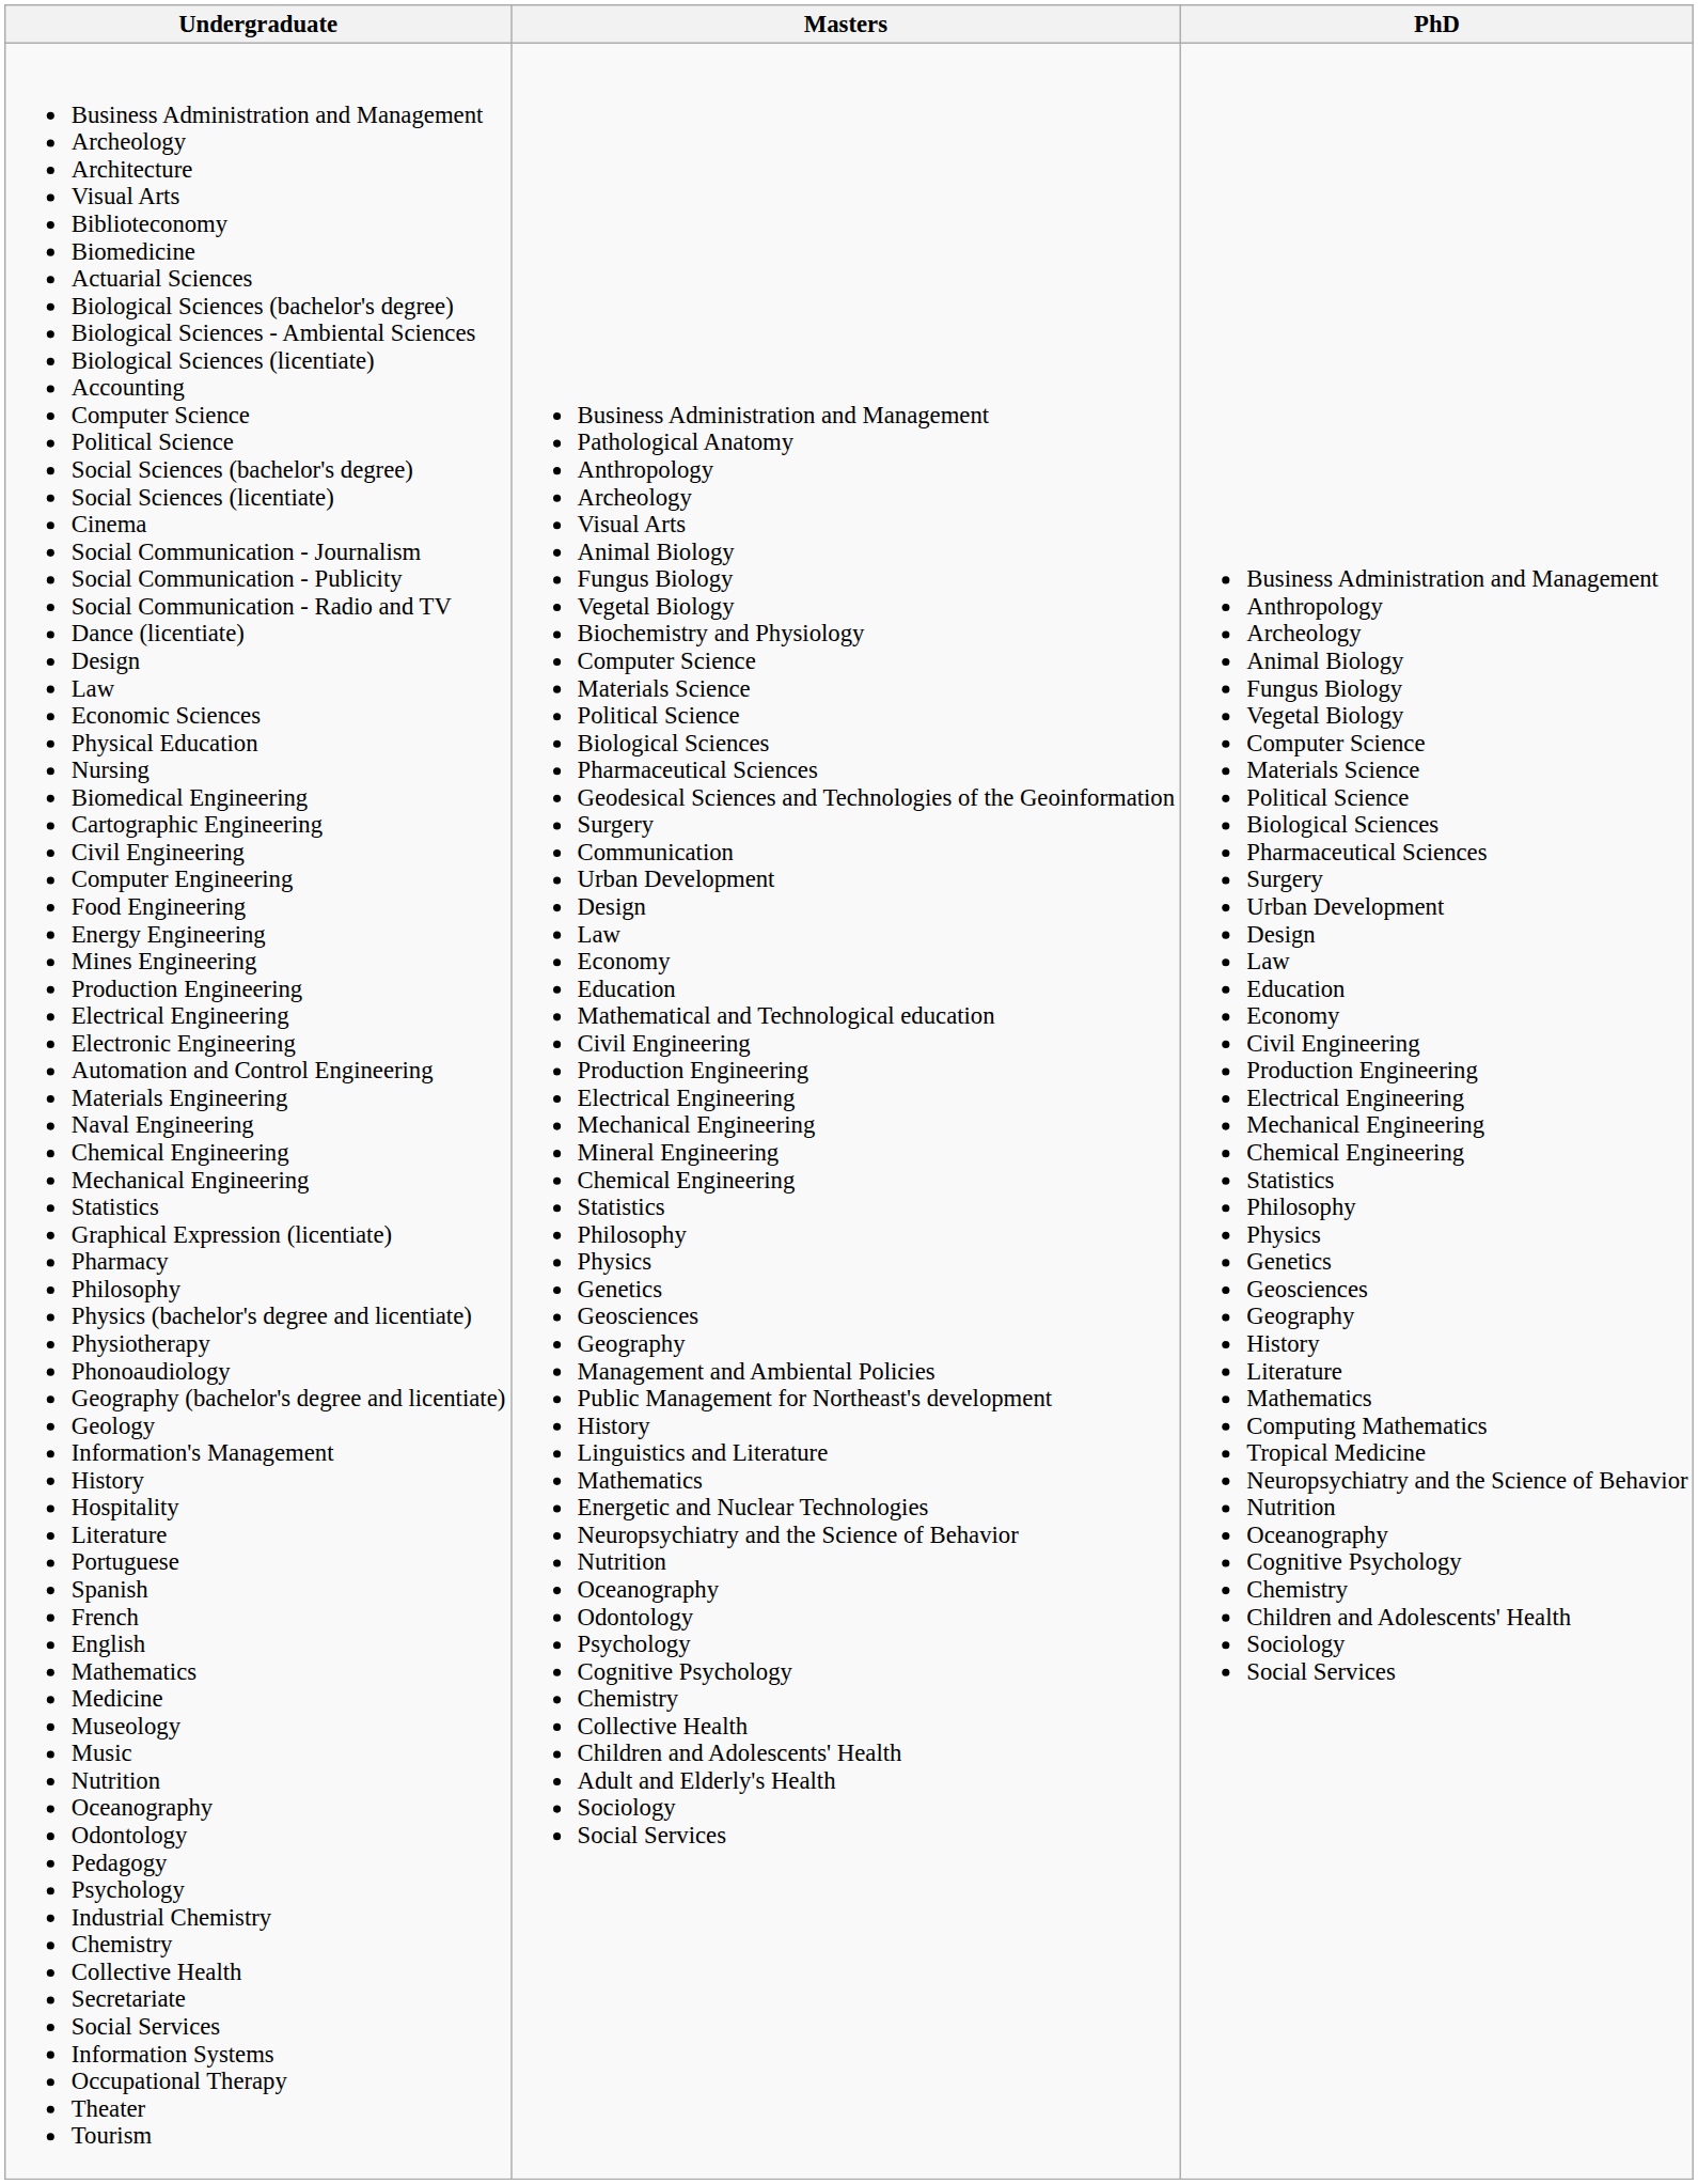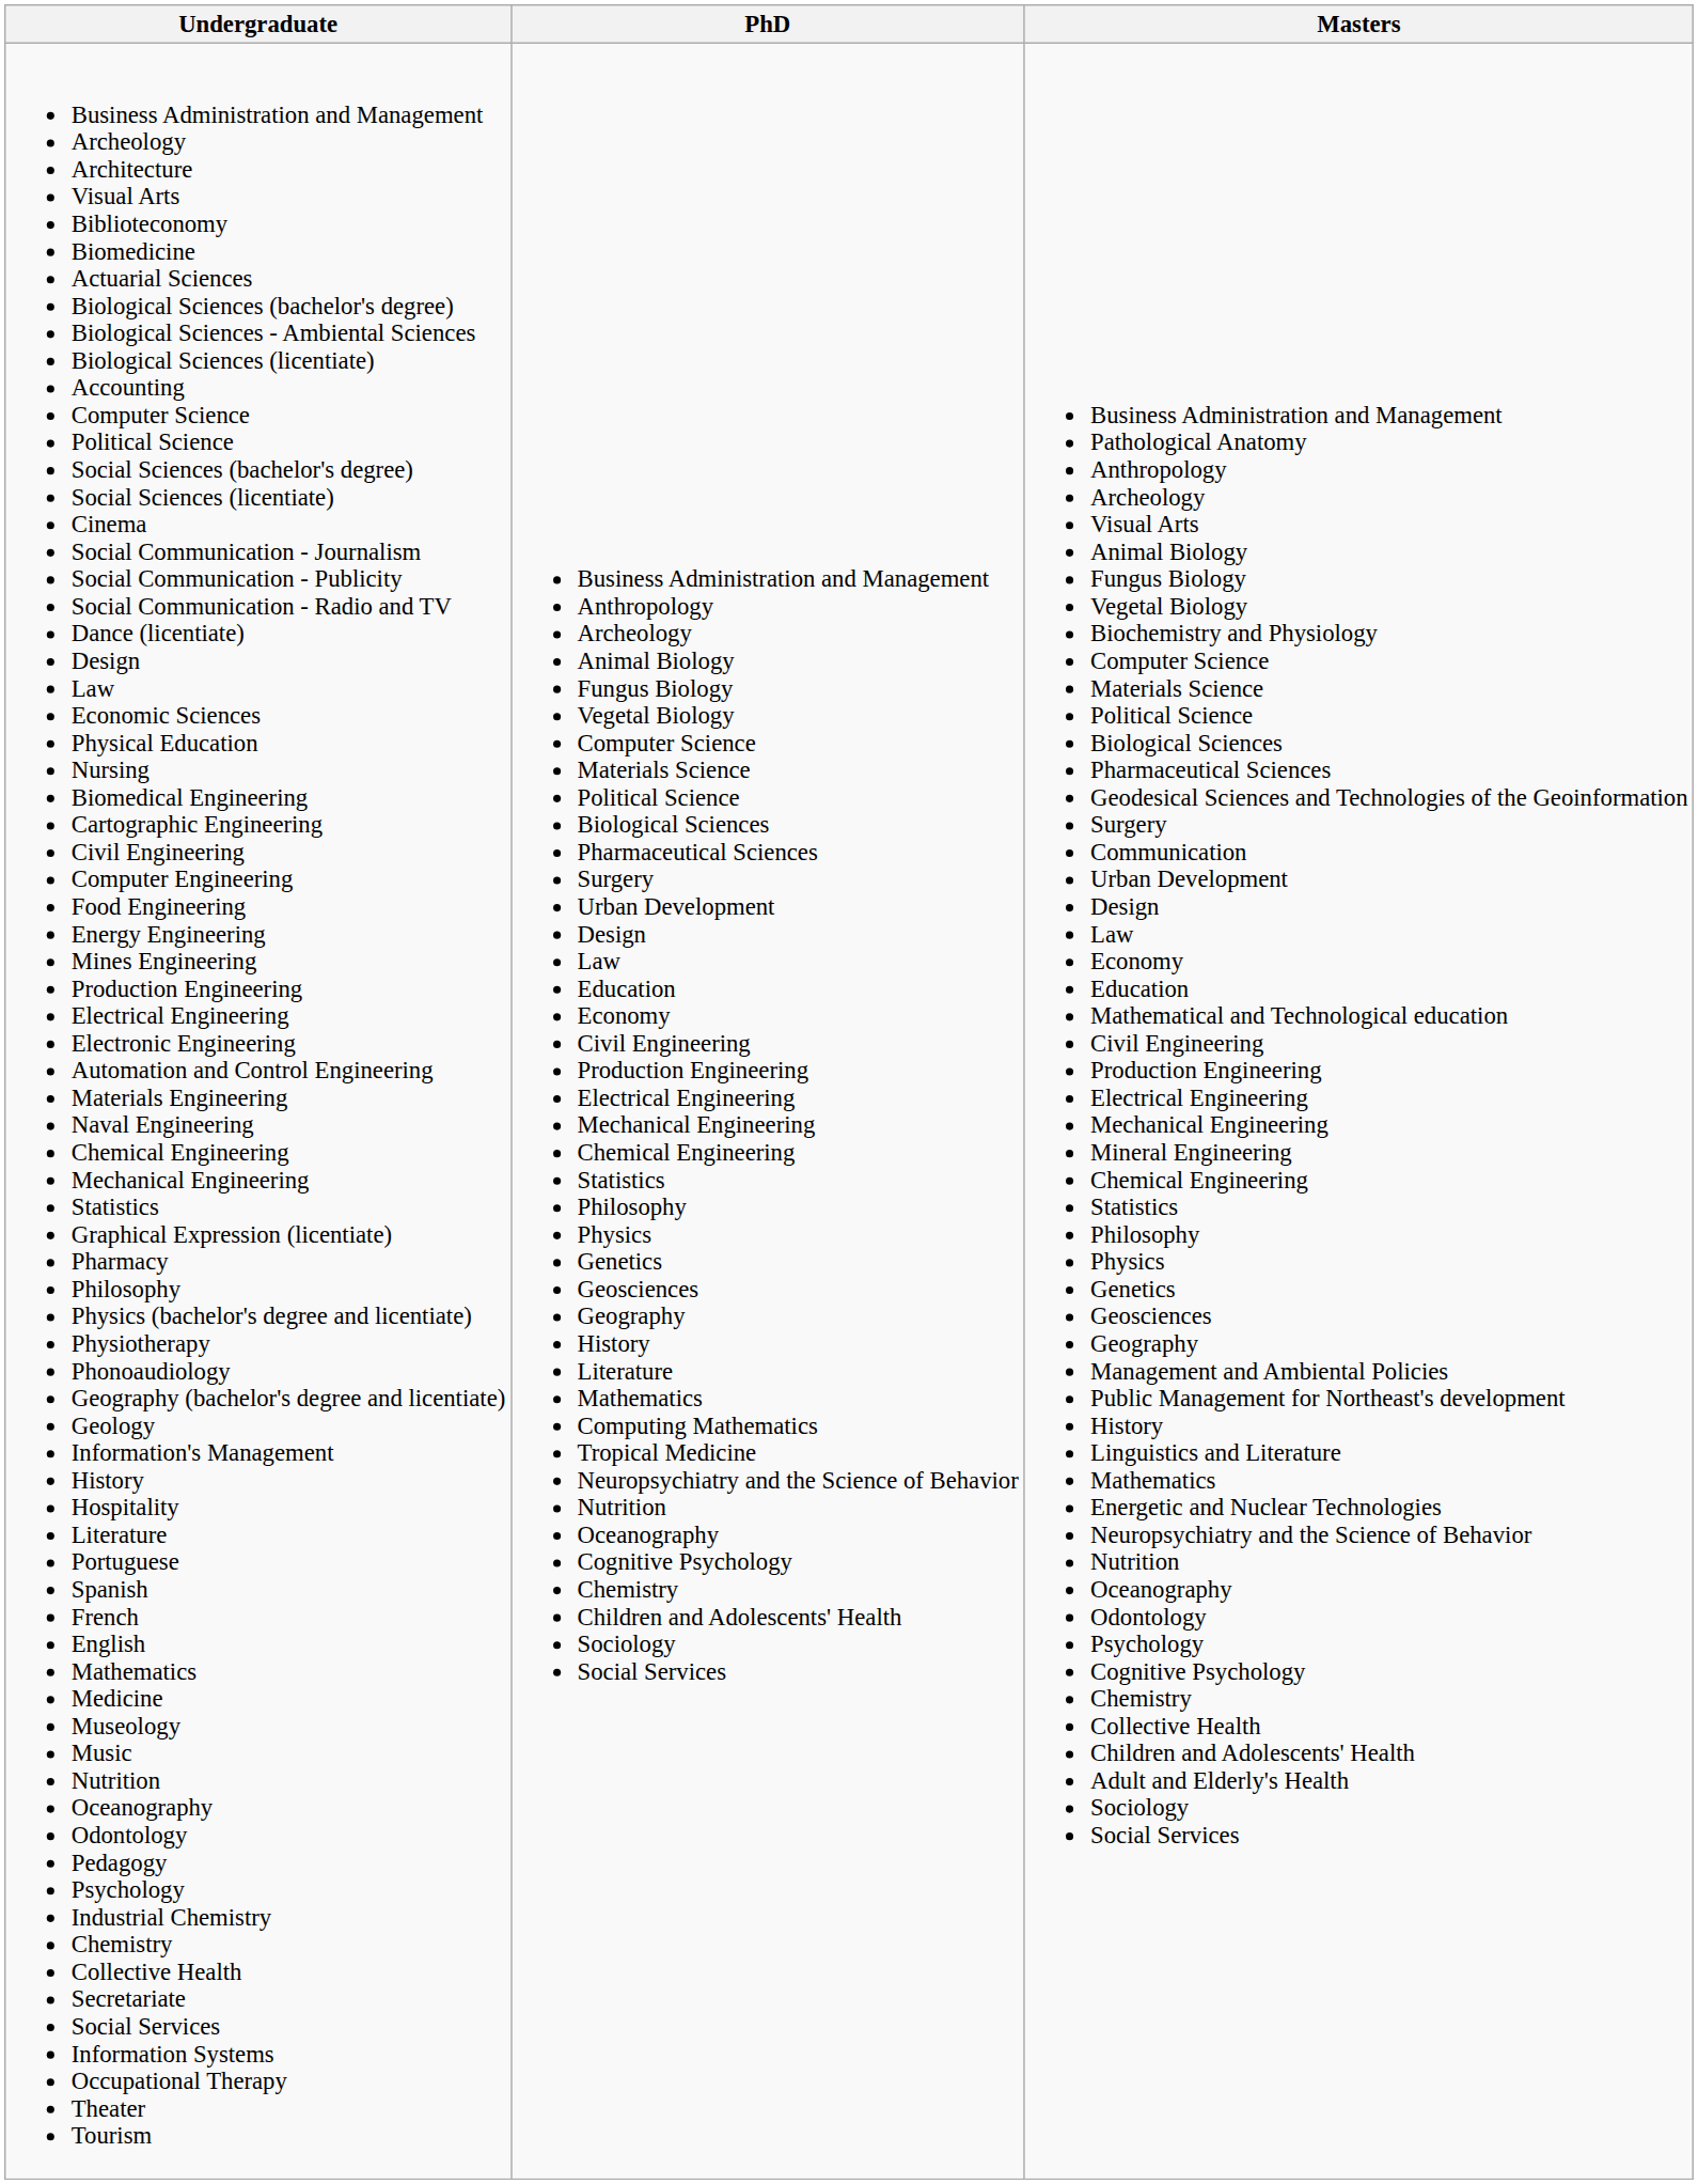 <table class="wikitable">
 <tr>
 <th>Undergraduate</th>
+<th>PhD</th>
 <th>Masters</th>
-<th>PhD</th>
 </tr>
 <tr>
 <td><br><ul><li>Business Administration and Management</li><li>Archeology</li><li>Architecture</li><li>Visual Arts</li><li>Biblioteconomy</li><li>Biomedicine</li><li>Actuarial Sciences</li><li>Biological Sciences (bachelor's degree)</li><li>Biological Sciences - Ambiental Sciences</li><li>Biological Sciences (licentiate)</li><li>Accounting</li><li>Computer Science</li><li>Political Science</li><li>Social Sciences (bachelor's degree)</li><li>Social Sciences (licentiate)</li><li>Cinema</li><li>Social Communication - Journalism</li><li>Social Communication - Publicity</li><li>Social Communication - Radio and TV</li><li>Dance (licentiate)</li><li>Design</li><li>Law</li><li>Economic Sciences</li><li>Physical Education</li><li>Nursing</li><li>Biomedical Engineering</li><li>Cartographic Engineering</li><li>Civil Engineering</li><li>Computer Engineering</li><li>Food Engineering</li><li>Energy Engineering</li><li>Mines Engineering</li><li>Production Engineering</li><li>Electrical Engineering</li><li>Electronic Engineering</li><li>Automation and Control Engineering</li><li>Materials Engineering</li><li>Naval Engineering</li><li>Chemical Engineering</li><li>Mechanical Engineering</li><li>Statistics</li><li>Graphical Expression (licentiate)</li><li>Pharmacy</li><li>Philosophy</li><li>Physics (bachelor's degree and licentiate)</li><li>Physiotherapy</li><li>Phonoaudiology</li><li>Geography (bachelor's degree and licentiate)</li><li>Geology</li><li>Information's Management</li><li>History</li><li>Hospitality</li><li>Literature</li><li>Portuguese</li><li>Spanish</li><li>French</li><li>English</li><li>Mathematics</li><li>Medicine</li><li>Museology</li><li>Music</li><li>Nutrition</li><li>Oceanography</li><li>Odontology</li><li>Pedagogy</li><li>Psychology</li><li>Industrial Chemistry</li><li>Chemistry</li><li>Collective Health</li><li>Secretariate</li><li>Social Services</li><li>Information Systems</li><li>Occupational Therapy</li><li>Theater</li><li>Tourism</li></ul></td>
+<td><br><ul><li>Business Administration and Management</li><li>Anthropology</li><li>Archeology</li><li>Animal Biology</li><li>Fungus Biology</li><li>Vegetal Biology</li><li>Computer Science</li><li>Materials Science</li><li>Political Science</li><li>Biological Sciences</li><li>Pharmaceutical Sciences</li><li>Surgery</li><li>Urban Development</li><li>Design</li><li>Law</li><li>Education</li><li>Economy</li><li>Civil Engineering</li><li>Production Engineering</li><li>Electrical Engineering</li><li>Mechanical Engineering</li><li>Chemical Engineering</li><li>Statistics</li><li>Philosophy</li><li>Physics</li><li>Genetics</li><li>Geosciences</li><li>Geography</li><li>History</li><li>Literature</li><li>Mathematics</li><li>Computing Mathematics</li><li>Tropical Medicine</li><li>Neuropsychiatry and the Science of Behavior</li><li>Nutrition</li><li>Oceanography</li><li>Cognitive Psychology</li><li>Chemistry</li><li>Children and Adolescents' Health</li><li>Sociology</li><li>Social Services</li></ul></td>
 <td><br><ul><li>Business Administration and Management</li><li>Pathological Anatomy</li><li>Anthropology</li><li>Archeology</li><li>Visual Arts</li><li>Animal Biology</li><li>Fungus Biology</li><li>Vegetal Biology</li><li>Biochemistry and Physiology</li><li>Computer Science</li><li>Materials Science</li><li>Political Science</li><li>Biological Sciences</li><li>Pharmaceutical Sciences</li><li>Geodesical Sciences and Technologies of the Geoinformation</li><li>Surgery</li><li>Communication</li><li>Urban Development</li><li>Design</li><li>Law</li><li>Economy</li><li>Education</li><li>Mathematical and Technological education</li><li>Civil Engineering</li><li>Production Engineering</li><li>Electrical Engineering</li><li>Mechanical Engineering</li><li>Mineral Engineering</li><li>Chemical Engineering</li><li>Statistics</li><li>Philosophy</li><li>Physics</li><li>Genetics</li><li>Geosciences</li><li>Geography</li><li>Management and Ambiental Policies</li><li>Public Management for Northeast's development</li><li>History</li><li>Linguistics and Literature</li><li>Mathematics</li><li>Energetic and Nuclear Technologies</li><li>Neuropsychiatry and the Science of Behavior</li><li>Nutrition</li><li>Oceanography</li><li>Odontology</li><li>Psychology</li><li>Cognitive Psychology</li><li>Chemistry</li><li>Collective Health</li><li>Children and Adolescents' Health</li><li>Adult and Elderly's Health</li><li>Sociology</li><li>Social Services</li></ul></td>
-<td><br><ul><li>Business Administration and Management</li><li>Anthropology</li><li>Archeology</li><li>Animal Biology</li><li>Fungus Biology</li><li>Vegetal Biology</li><li>Computer Science</li><li>Materials Science</li><li>Political Science</li><li>Biological Sciences</li><li>Pharmaceutical Sciences</li><li>Surgery</li><li>Urban Development</li><li>Design</li><li>Law</li><li>Education</li><li>Economy</li><li>Civil Engineering</li><li>Production Engineering</li><li>Electrical Engineering</li><li>Mechanical Engineering</li><li>Chemical Engineering</li><li>Statistics</li><li>Philosophy</li><li>Physics</li><li>Genetics</li><li>Geosciences</li><li>Geography</li><li>History</li><li>Literature</li><li>Mathematics</li><li>Computing Mathematics</li><li>Tropical Medicine</li><li>Neuropsychiatry and the Science of Behavior</li><li>Nutrition</li><li>Oceanography</li><li>Cognitive Psychology</li><li>Chemistry</li><li>Children and Adolescents' Health</li><li>Sociology</li><li>Social Services</li></ul></td>
 </tr>
 </table>
